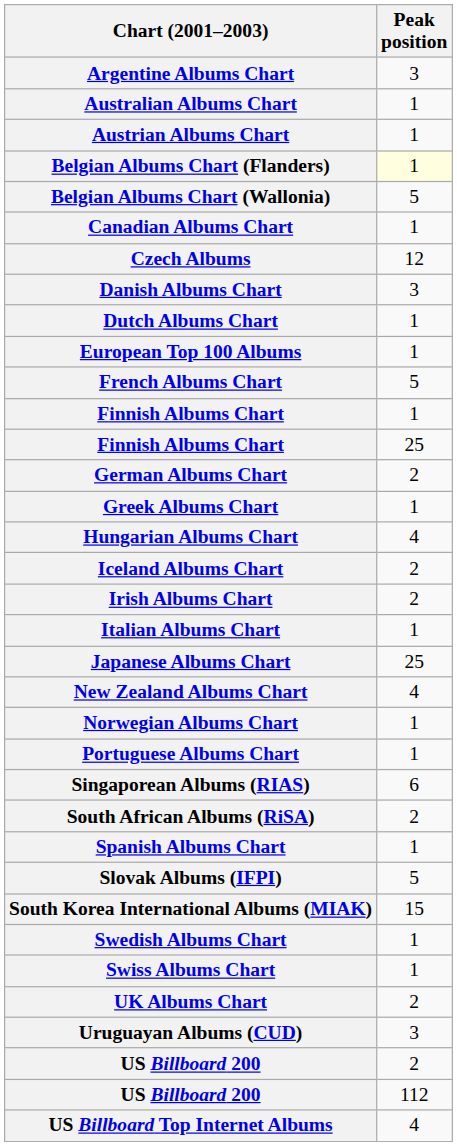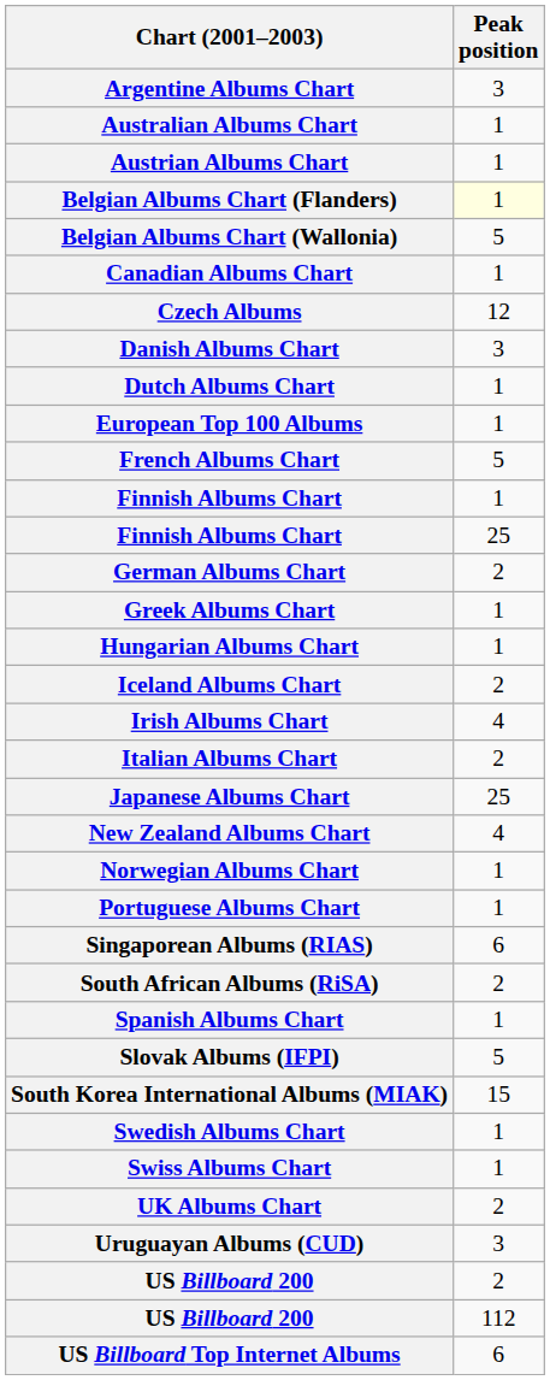 <table class="wikitable sortable plainrowheaders">
 <tr>
 <th scope="col">Chart (2001–2003)</th>
 <th scope="col">Peak<br>position</th>
 </tr>
 <tr>
 <th scope="row"><a href='#'>Argentine Albums Chart</a></th>
 <td style="text-align:center;">3</td>
 </tr>
 <tr>
 <th scope="row"><a href='#'>Australian Albums Chart</a></th>
 <td style="text-align:center;">1</td>
 </tr>
 <tr>
 <th scope="row"><a href='#'>Austrian Albums Chart</a></th>
 <td style="text-align:center;">1</td>
 </tr>
 <tr>
 <th scope="row"><a href='#'>Belgian Albums Chart</a> (Flanders)</th>
 <td style="background: lightyellow; text-align:center;">1</td>
 </tr>
 <tr>
 <th scope="row"><a href='#'>Belgian Albums Chart</a> (Wallonia)</th>
 <td style="text-align:center;">5</td>
 </tr>
 <tr>
 <th scope="row"><a href='#'>Canadian Albums Chart</a></th>
 <td style="text-align:center;">1</td>
 </tr>
 <tr>
 <th scope="row"><a href='#'>Czech Albums</a></th>
 <td style="text-align:center;">12</td>
 </tr>
 <tr>
 <th scope="row"><a href='#'>Danish Albums Chart</a></th>
 <td style="text-align:center;">3</td>
 </tr>
 <tr>
 <th scope="row"><a href='#'>Dutch Albums Chart</a></th>
 <td style="text-align:center;">1</td>
 </tr>
 <tr>
 <th scope="row"><a href='#'>European Top 100 Albums</a></th>
 <td style="text-align:center;">1</td>
 </tr>
 <tr>
 <th scope="row"><a href='#'>French Albums Chart</a></th>
 <td style="text-align:center;">5</td>
 </tr>
 <tr>
 <th scope="row"><a href='#'>Finnish Albums Chart</a></th>
 <td style="text-align:center;">1</td>
 </tr>
 <tr>
 <th scope="row"><a href='#'>Finnish Albums Chart</a><br></th>
 <td style="text-align:center;">25</td>
 </tr>
 <tr>
 <th scope="row"><a href='#'>German Albums Chart</a></th>
 <td style="text-align:center;">2</td>
 </tr>
 <tr>
 <th scope="row"><a href='#'>Greek Albums Chart</a></th>
 <td style="text-align:center;">1</td>
 </tr>
 <tr>
 <th scope="row"><a href='#'>Hungarian Albums Chart</a></th>
-<td style="text-align:center;">4</td>
+<td style="text-align:center;">1</td>
 </tr>
 <tr>
 <th scope="row"><a href='#'>Iceland Albums Chart</a></th>
 <td style="text-align:center;">2</td>
 </tr>
 <tr>
 <th scope="row"><a href='#'>Irish Albums Chart</a></th>
-<td style="text-align:center;">2</td>
+<td style="text-align:center;">4</td>
 </tr>
 <tr>
 <th scope="row"><a href='#'>Italian Albums Chart</a></th>
-<td style="text-align:center;">1</td>
+<td style="text-align:center;">2</td>
 </tr>
 <tr>
 <th scope="row"><a href='#'>Japanese Albums Chart</a></th>
 <td style="text-align:center;">25</td>
 </tr>
 <tr>
 <th scope="row"><a href='#'>New Zealand Albums Chart</a></th>
 <td style="text-align:center;">4</td>
 </tr>
 <tr>
 <th scope="row"><a href='#'>Norwegian Albums Chart</a></th>
 <td style="text-align:center;">1</td>
 </tr>
 <tr>
 <th scope="row"><a href='#'>Portuguese Albums Chart</a></th>
 <td style="text-align:center;">1</td>
 </tr>
 <tr>
 <th scope="row">Singaporean Albums (<a href='#'>RIAS</a>)</th>
 <td align="center">6</td>
 </tr>
 <tr>
 <th scope="row">South African Albums (<a href='#'>RiSA</a>)<br> </th>
 <td style="text-align:center;">2</td>
 </tr>
 <tr>
 <th scope="row"><a href='#'>Spanish Albums Chart</a></th>
 <td style="text-align:center;">1</td>
 </tr>
 <tr>
 <th scope="row">Slovak Albums (<a href='#'>IFPI</a>)</th>
 <td style="text-align:center;">5</td>
 </tr>
 <tr>
 <th scope="row">South Korea International Albums (<a href='#'>MIAK</a>)</th>
 <td style="text-align:center;">15</td>
 </tr>
 <tr>
 <th scope="row"><a href='#'>Swedish Albums Chart</a></th>
 <td style="text-align:center;">1</td>
 </tr>
 <tr>
 <th scope="row"><a href='#'>Swiss Albums Chart</a></th>
 <td style="text-align:center;">1</td>
 </tr>
 <tr>
 <th scope="row"><a href='#'>UK Albums Chart</a></th>
 <td style="text-align:center;">2</td>
 </tr>
 <tr>
 <th scope="row">Uruguayan Albums (<a href='#'>CUD</a>)</th>
 <td style="text-align:center;">3</td>
 </tr>
 <tr>
 <th scope="row">US <a href='#'><em>Billboard</em> 200</a></th>
 <td style="text-align:center;">2</td>
 </tr>
 <tr>
 <th scope="row">US <a href='#'><em>Billboard</em> 200</a><br></th>
 <td style="text-align:center;">112</td>
 </tr>
 <tr>
 <th scope="row">US <a href='#'><em>Billboard</em> Top Internet Albums</a></th>
-<td style="text-align:center;">4</td>
+<td style="text-align:center;">6</td>
 </tr>
 </table>
